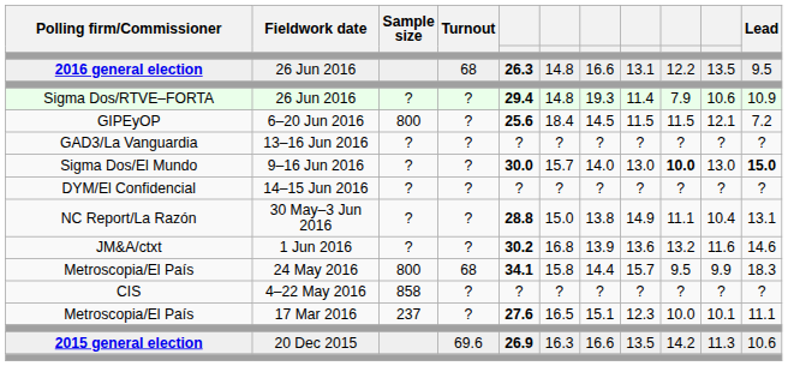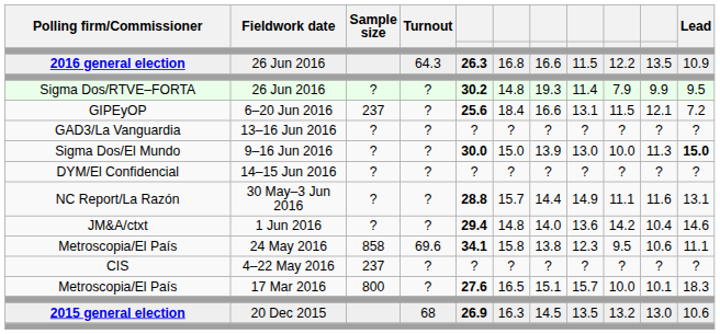 <table class="wikitable collapsible collapsed" style="text-align:center; font-size:95%; line-height:16px;">
 <tr style="height:42px; background-color:#E9E9E9">
 <th style="width:250px;" rowspan="2">Polling firm/Commissioner</th>
 <th style="width:125px;" rowspan="2">Fieldwork date</th>
 <th style="width:50px;" rowspan="2">Sample size</th>
 <th style="width:45px;" rowspan="2">Turnout</th>
 <th style="width:35px;"></th>
 <th style="width:35px;"></th>
 <th style="width:35px;"></th>
 <th style="width:35px;"></th>
 <th style="width:35px;"><br></th>
 <th style="width:35px;"></th>
 <th style="width:30px;" rowspan="2">Lead</th>
 </tr>
 <tr>
 <th style="color:inherit;background:"></th>
 <th style="color:inherit;background:"></th>
 <th style="color:inherit;background:"></th>
 <th style="color:inherit;background:"></th>
 <th style="color:inherit;background:"></th>
 <th style="color:inherit;background:"></th>
 </tr>
 <tr>
 <td colspan="12" style="background:#A0A0A0"></td>
 </tr>
 <tr style="background:#EFEFEF;">
 <td><strong><a href='#'>2016 general election</a></strong></td>
 <td>26 Jun 2016</td>
 <td></td>
-<td>68</td>
+<td>64.3</td>
 <td><strong>26.3</strong><br></td>
-<td>14.8<br></td>
+<td>16.8<br></td>
 <td>16.6<br></td>
-<td>13.1<br></td>
+<td>11.5<br></td>
 <td>12.2<br></td>
 <td>13.5<br></td>
-<td style="background:">9.5</td>
+<td style="background:">10.9</td>
 </tr>
 <tr>
 <td colspan="12" style="background:#A0A0A0"></td>
 </tr>
 <tr style="background:#EAFFEA;">
 <td>Sigma Dos/RTVE–FORTA</td>
 <td>26 Jun 2016</td>
 <td>?</td>
 <td>?</td>
-<td><strong>29.4</strong><br></td>
+<td><strong>30.2</strong><br></td>
 <td>14.8<br></td>
 <td>19.3<br></td>
 <td>11.4<br></td>
 <td>7.9<br></td>
-<td>10.6<br></td>
-<td style="background:">10.9</td>
+<td>9.9<br></td>
+<td style="background:">9.5</td>
 </tr>
 <tr>
 <td>GIPEyOP</td>
 <td>6–20 Jun 2016</td>
-<td>800</td>
+<td>237</td>
 <td>?</td>
 <td><strong>25.6</strong><br></td>
 <td>18.4<br></td>
-<td>14.5<br></td>
-<td>11.5<br></td>
+<td>16.6<br></td>
+<td>13.1<br></td>
 <td>11.5<br></td>
 <td>12.1<br></td>
 <td style="background:">7.2</td>
 </tr>
 <tr>
 <td>GAD3/La Vanguardia</td>
 <td>13–16 Jun 2016</td>
 <td>?</td>
 <td>?</td>
 <td>?<br></td>
 <td>?<br></td>
 <td>?<br></td>
 <td>?<br></td>
 <td>?<br></td>
 <td>?<br></td>
 <td style="background:">?</td>
 </tr>
 <tr>
 <td>Sigma Dos/El Mundo</td>
 <td>9–16 Jun 2016</td>
 <td>?</td>
 <td>?</td>
 <td><strong>30.0</strong><br></td>
-<td>15.7<br></td>
-<td>14.0<br></td>
+<td>15.0<br></td>
+<td>13.9<br></td>
 <td>13.0<br></td>
-<td><strong>10.0<br></strong></td>
-<td>13.0<br></td>
+<td>10.0<br></td>
+<td>11.3<br></td>
 <td style="background:"><strong>15.0</strong></td>
 </tr>
 <tr>
 <td>DYM/El Confidencial</td>
 <td>14–15 Jun 2016</td>
 <td>?</td>
 <td>?</td>
 <td>?<br></td>
 <td>?<br></td>
 <td>?<br></td>
 <td>?<br></td>
 <td>?<br></td>
 <td>?<br></td>
 <td style="background:">?</td>
 </tr>
 <tr>
 <td>NC Report/La Razón</td>
 <td>30 May–3 Jun 2016</td>
 <td>?</td>
 <td>?</td>
 <td><strong>28.8</strong><br></td>
-<td>15.0<br></td>
-<td>13.8<br></td>
+<td>15.7<br></td>
+<td>14.4<br></td>
 <td>14.9<br></td>
 <td>11.1<br></td>
-<td>10.4<br></td>
+<td>11.6<br></td>
 <td style="background:">13.1</td>
 </tr>
 <tr>
 <td>JM&A/ctxt</td>
 <td>1 Jun 2016</td>
 <td>?</td>
 <td>?</td>
-<td><strong>30.2</strong><br></td>
-<td>16.8<br></td>
-<td>13.9<br></td>
+<td><strong>29.4</strong><br></td>
+<td>14.8<br></td>
+<td>14.0<br></td>
 <td>13.6<br></td>
-<td>13.2<br></td>
-<td>11.6<br></td>
+<td>14.2<br></td>
+<td>10.4<br></td>
 <td style="background:">14.6</td>
 </tr>
 <tr>
 <td>Metroscopia/El País</td>
 <td>24 May 2016</td>
-<td>800</td>
-<td>68</td>
+<td>858</td>
+<td>69.6</td>
 <td><strong>34.1</strong><br></td>
 <td>15.8<br></td>
-<td>14.4<br></td>
-<td>15.7<br></td>
+<td>13.8<br></td>
+<td>12.3<br></td>
 <td>9.5<br></td>
-<td>9.9<br></td>
-<td style="background:">18.3</td>
+<td>10.6<br></td>
+<td style="background:">11.1</td>
 </tr>
 <tr>
 <td>CIS</td>
 <td>4–22 May 2016</td>
-<td>858</td>
+<td>237</td>
 <td>?</td>
 <td>?<br></td>
 <td>?<br></td>
 <td>?<br></td>
 <td>?<br></td>
 <td>?<br></td>
 <td>?<br></td>
 <td style="background:">?</td>
 </tr>
 <tr>
 <td>Metroscopia/El País</td>
 <td>17 Mar 2016</td>
-<td>237</td>
+<td>800</td>
 <td>?</td>
 <td><strong>27.6</strong><br></td>
 <td>16.5<br></td>
 <td>15.1<br></td>
-<td>12.3<br></td>
+<td>15.7<br></td>
 <td>10.0<br></td>
 <td>10.1<br></td>
-<td style="background:">11.1</td>
+<td style="background:">18.3</td>
 </tr>
 <tr>
 <td colspan="12" style="background:#A0A0A0"></td>
 </tr>
 <tr style="background:#EFEFEF;">
 <td><strong><a href='#'>2015 general election</a></strong></td>
 <td>20 Dec 2015</td>
 <td></td>
-<td>69.6</td>
+<td>68</td>
 <td><strong>26.9</strong><br></td>
 <td>16.3<br></td>
-<td>16.6<br></td>
+<td>14.5<br></td>
 <td>13.5<br></td>
-<td>14.2<br></td>
-<td>11.3<br></td>
+<td>13.2<br></td>
+<td>13.0<br></td>
 <td style="background:">10.6</td>
 </tr>
 <tr>
 <td colspan="12" style="background:#A0A0A0"></td>
 </tr>
 </table>
